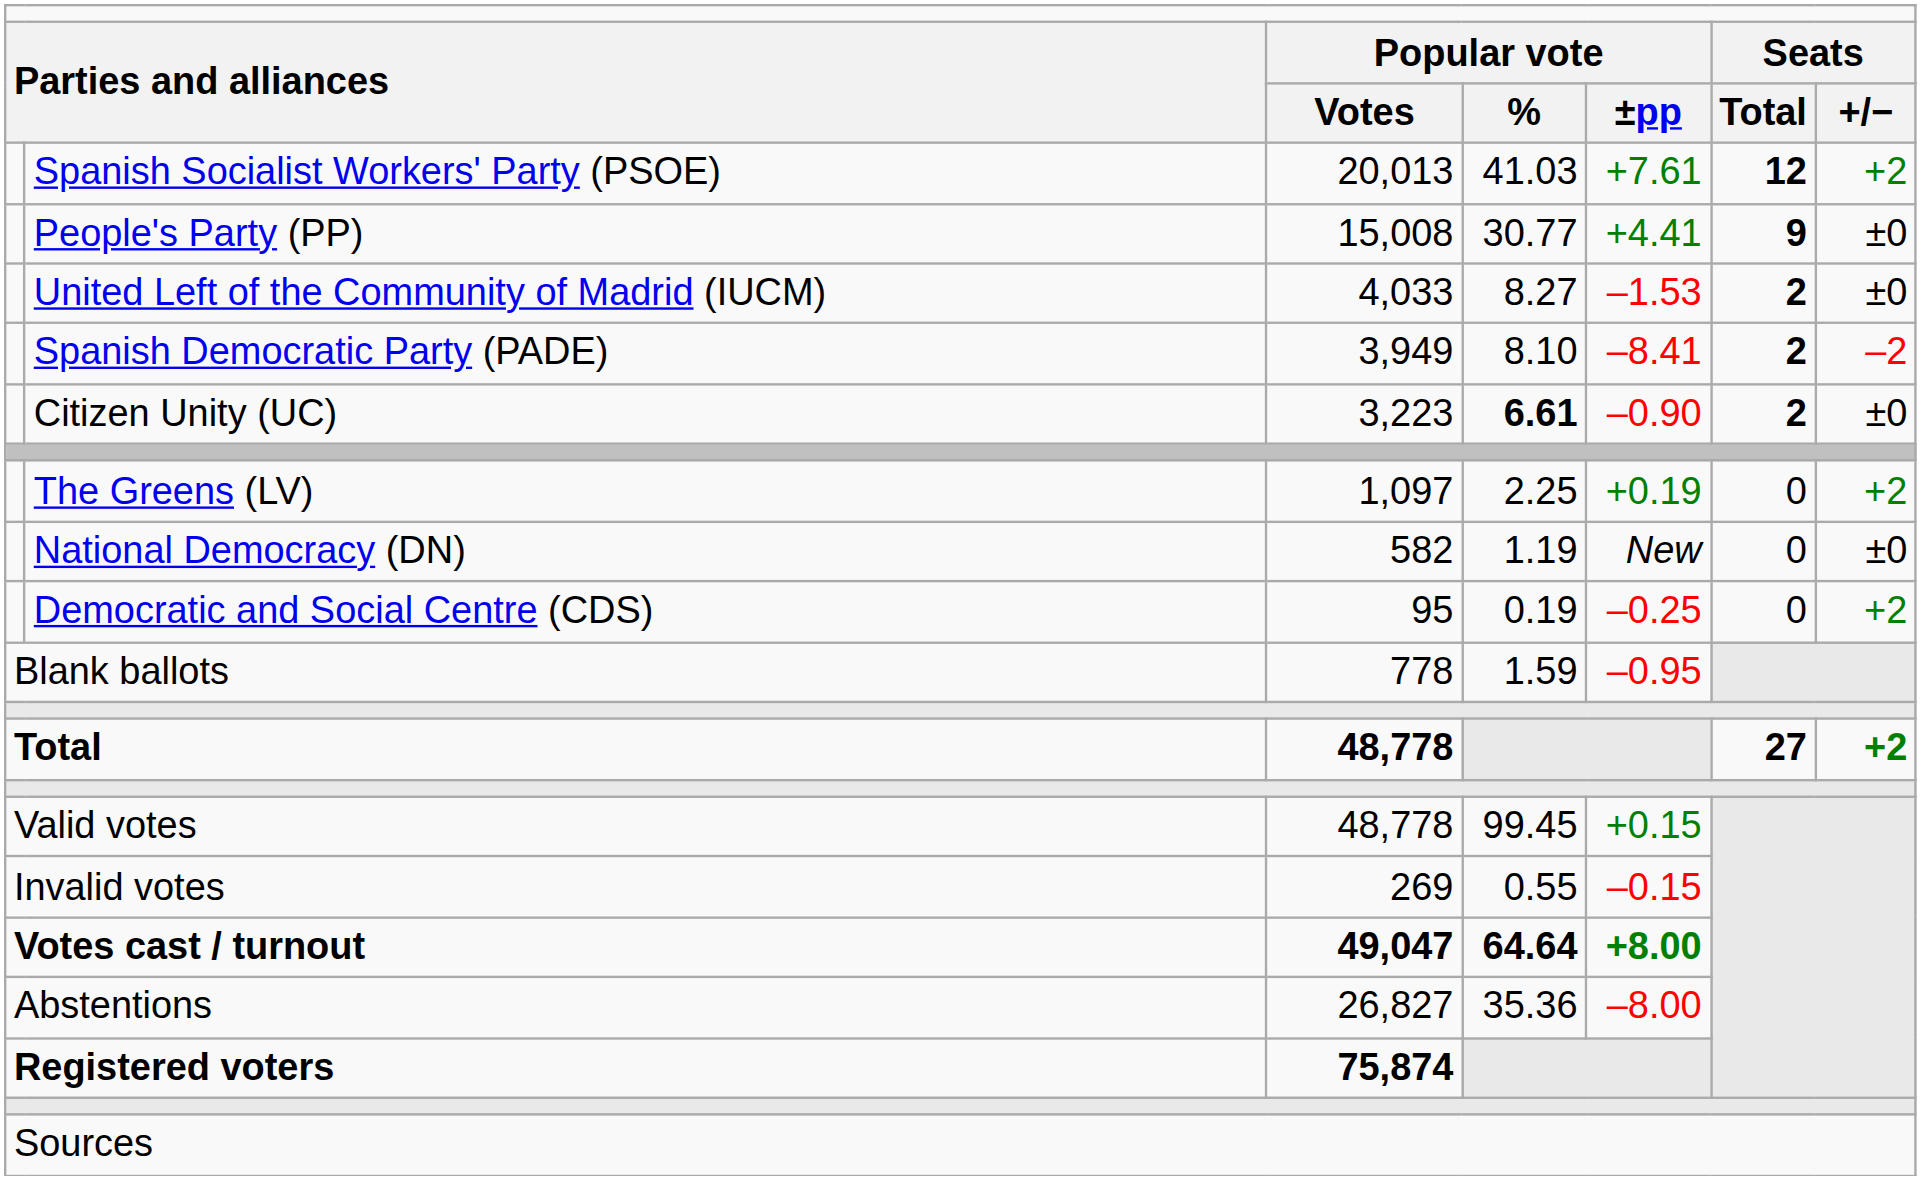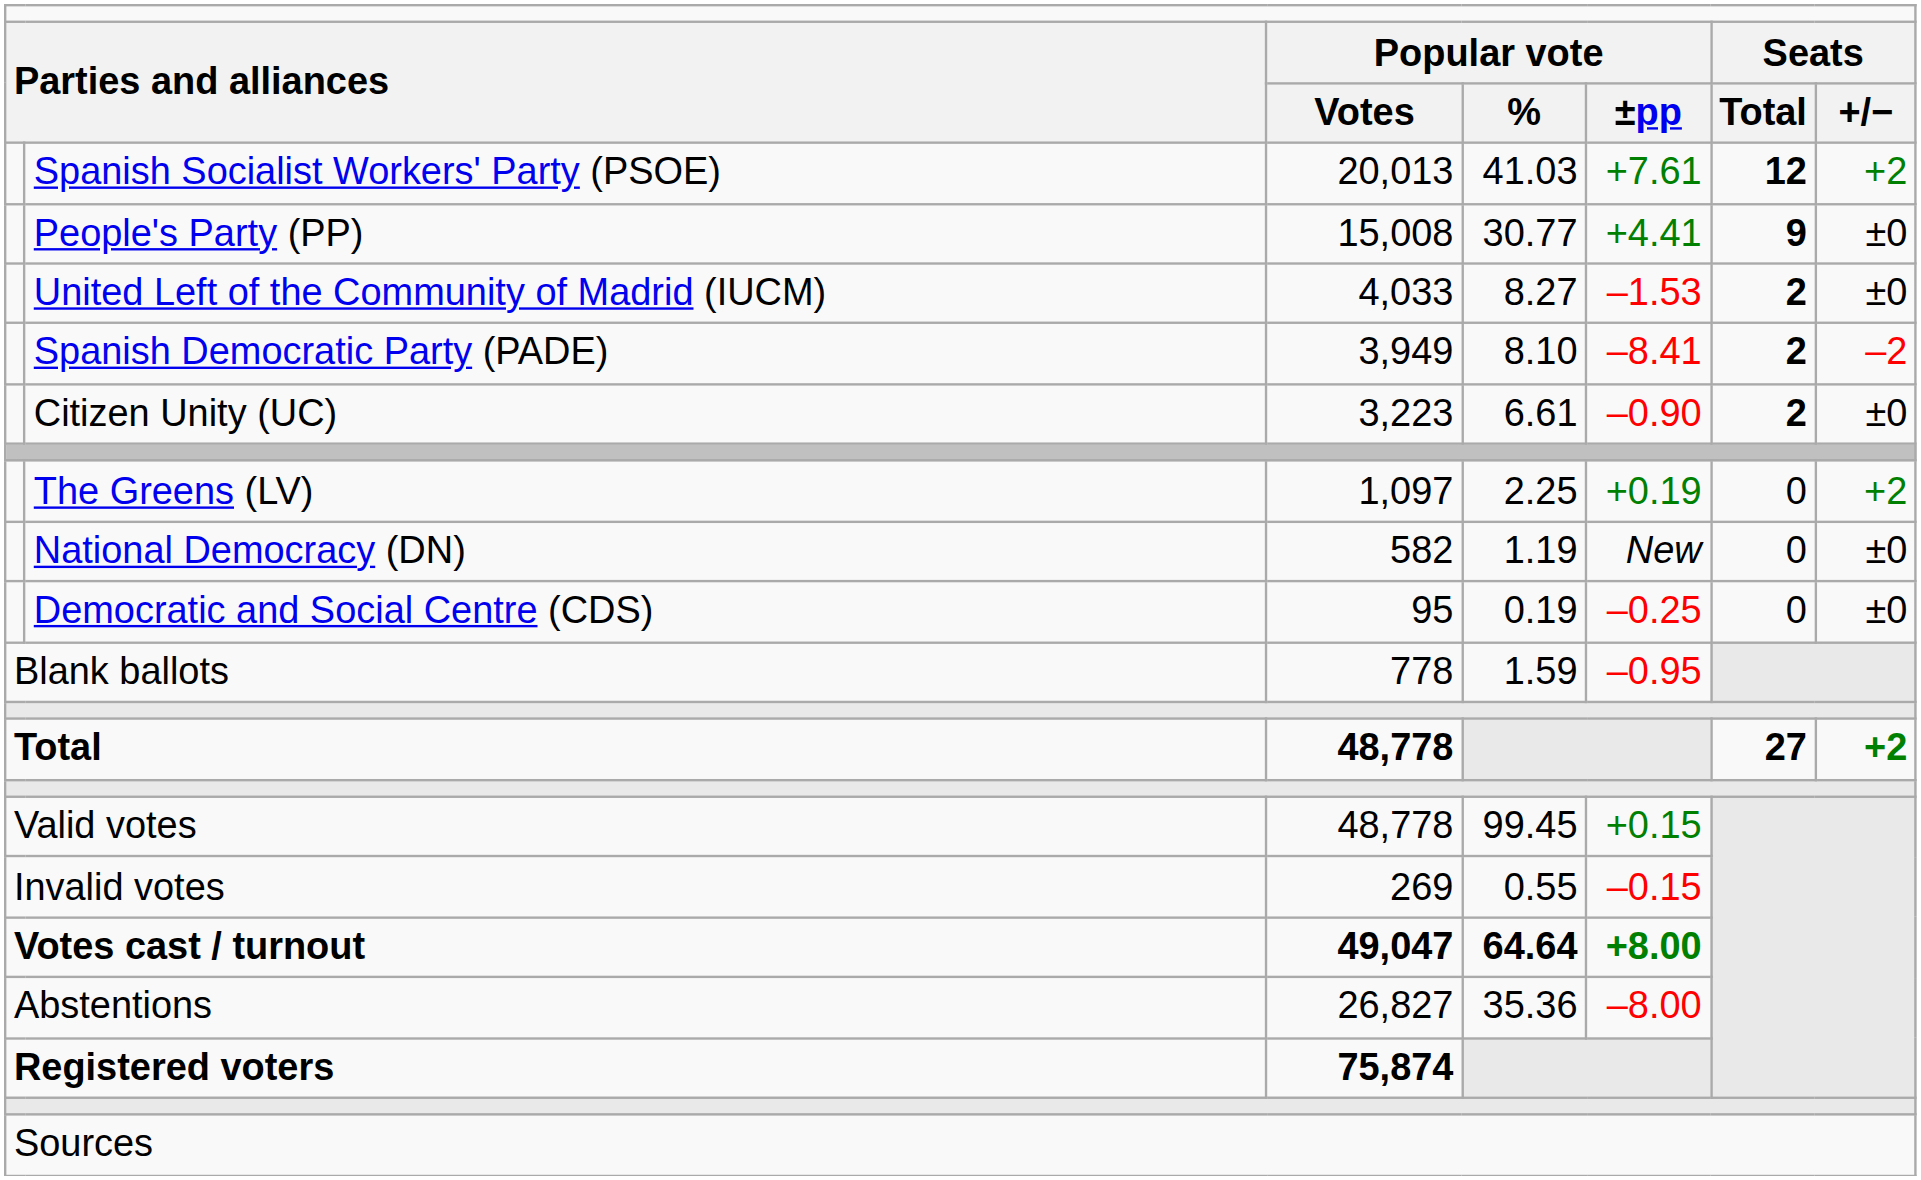 <table class="wikitable" style="text-align:right;">
 <tr>
 <td colspan="7"></td>
 </tr>
 <tr>
 <th style="text-align:left;" rowspan="2" colspan="2" width="525">Parties and alliances</th>
 <th colspan="3">Popular vote</th>
 <th colspan="2">Seats</th>
 </tr>
 <tr>
 <th width="75">Votes</th>
 <th width="45">%</th>
 <th width="45">±<a href='#'>pp</a></th>
 <th width="35">Total</th>
 <th width="35">+/−</th>
 </tr>
 <tr>
 <td width="1" style="color:inherit;background:"></td>
 <td align="left"><a href='#'>Spanish Socialist Workers' Party</a> (PSOE)</td>
 <td>20,013</td>
 <td>41.03</td>
 <td style="color:green;">+7.61</td>
 <td><strong>12</strong></td>
 <td style="color:green;">+2</td>
 </tr>
 <tr>
 <td style="color:inherit;background:"></td>
 <td align="left"><a href='#'>People's Party</a> (PP)</td>
 <td>15,008</td>
 <td>30.77</td>
 <td style="color:green;">+4.41</td>
 <td><strong>9</strong></td>
 <td>±0</td>
 </tr>
 <tr>
 <td style="color:inherit;background:"></td>
 <td align="left"><a href='#'>United Left of the Community of Madrid</a> (IUCM)</td>
 <td>4,033</td>
 <td>8.27</td>
 <td style="color:red;">–1.53</td>
 <td><strong>2</strong></td>
 <td>±0</td>
 </tr>
 <tr>
 <td style="color:inherit;background:"></td>
 <td align="left"><a href='#'>Spanish Democratic Party</a> (PADE)</td>
 <td>3,949</td>
 <td>8.10</td>
 <td style="color:red;">–8.41</td>
 <td><strong>2</strong></td>
 <td style="color:red;">–2</td>
 </tr>
 <tr>
 <td style="color:inherit;background:"></td>
 <td align="left">Citizen Unity (UC)</td>
 <td>3,223</td>
-<td><strong>6.61</strong></td>
+<td>6.61</td>
 <td style="color:red;">–0.90</td>
 <td><strong>2</strong></td>
 <td>±0</td>
 </tr>
 <tr>
 <td colspan="7" bgcolor="#C0C0C0"></td>
 </tr>
 <tr>
 <td style="color:inherit;background:"></td>
 <td align="left"><a href='#'>The Greens</a> (LV)</td>
 <td>1,097</td>
 <td>2.25</td>
 <td style="color:green;">+0.19</td>
 <td>0</td>
 <td style="color:green;">+2</td>
 </tr>
 <tr>
 <td style="color:inherit;background:"></td>
 <td align="left"><a href='#'>National Democracy</a> (DN)</td>
 <td>582</td>
 <td>1.19</td>
 <td><em>New</em></td>
 <td>0</td>
 <td>±0</td>
 </tr>
 <tr>
 <td style="color:inherit;background:"></td>
 <td align="left"><a href='#'>Democratic and Social Centre</a> (CDS)</td>
 <td>95</td>
 <td>0.19</td>
 <td style="color:red;">–0.25</td>
 <td>0</td>
-<td style="color:green;">+2</td>
+<td>±0</td>
 </tr>
 <tr>
 <td align="left" colspan="2">Blank ballots</td>
 <td>778</td>
 <td>1.59</td>
 <td style="color:red;">–0.95</td>
 <td bgcolor="#E9E9E9" colspan="2"></td>
 </tr>
 <tr>
 <td colspan="7" bgcolor="#E9E9E9"></td>
 </tr>
 <tr style="font-weight:bold;">
 <td align="left" colspan="2">Total</td>
 <td>48,778</td>
 <td bgcolor="#E9E9E9" colspan="2"></td>
 <td>27</td>
 <td style="color:green;">+2</td>
 </tr>
 <tr>
 <td colspan="7" bgcolor="#E9E9E9"></td>
 </tr>
 <tr>
 <td align="left" colspan="2">Valid votes</td>
 <td>48,778</td>
 <td>99.45</td>
 <td style="color:green;">+0.15</td>
 <td bgcolor="#E9E9E9" colspan="2" rowspan="5"></td>
 </tr>
 <tr>
 <td align="left" colspan="2">Invalid votes</td>
 <td>269</td>
 <td>0.55</td>
 <td style="color:red;">–0.15</td>
 </tr>
 <tr style="font-weight:bold;">
 <td align="left" colspan="2">Votes cast / turnout</td>
 <td>49,047</td>
 <td>64.64</td>
 <td style="color:green;">+8.00</td>
 </tr>
 <tr>
 <td align="left" colspan="2">Abstentions</td>
 <td>26,827</td>
 <td>35.36</td>
 <td style="color:red;">–8.00</td>
 </tr>
 <tr style="font-weight:bold;">
 <td align="left" colspan="2">Registered voters</td>
 <td>75,874</td>
 <td bgcolor="#E9E9E9" colspan="2"></td>
 </tr>
 <tr>
 <td colspan="7" bgcolor="#E9E9E9"></td>
 </tr>
 <tr>
 <td align="left" colspan="7">Sources</td>
 </tr>
 </table>
